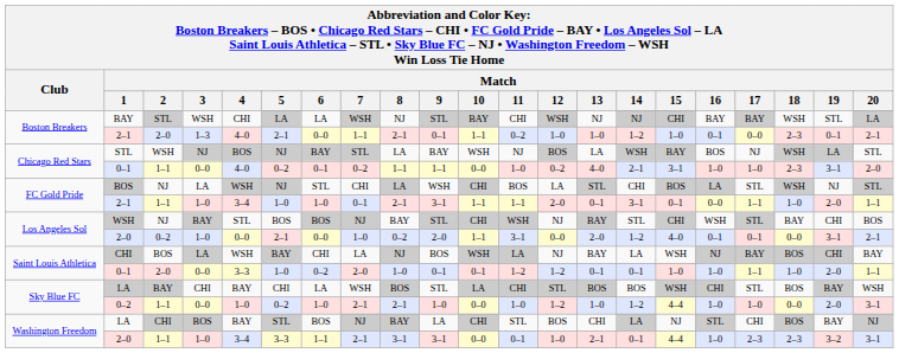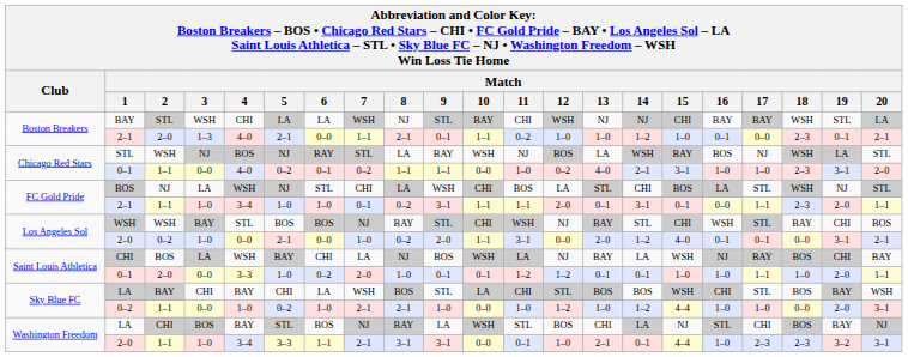 <table class="wikitable" style="text-align:center;width=90%">
 <tr>
 <th colspan="31">Abbreviation and Color Key:<br><a href='#'>Boston Breakers</a> – BOS • <a href='#'>Chicago Red Stars</a> – CHI • <a href='#'>FC Gold Pride</a> – BAY • <a href='#'>Los Angeles Sol</a> – LA<br><a href='#'>Saint Louis Athletica</a> – STL • <a href='#'>Sky Blue FC</a> – NJ • <a href='#'>Washington Freedom</a> – WSH<br><span>Win</span>  <span>Loss</span>  <span>Tie</span> <span>Home</span></th>
 </tr>
 <tr>
 <th style="width:10%;" rowspan="2">Club</th>
 <th style="width:80%;" colspan="30">Match</th>
 </tr>
 <tr style="background:#ccc; font-size:90%;">
 <th style="width:4%;">1</th>
 <th style="width:4%;">2</th>
 <th style="width:4%;">3</th>
 <th style="width:4%;">4</th>
 <th style="width:4%;">5</th>
 <th style="width:4%;">6</th>
 <th style="width:4%;">7</th>
 <th style="width:4%;">8</th>
 <th style="width:4%;">9</th>
 <th style="width:4%;">10</th>
 <th style="width:4%;">11</th>
 <th style="width:4%;">12</th>
 <th style="width:4%;">13</th>
 <th style="width:4%;">14</th>
 <th style="width:4%;">15</th>
 <th style="width:4%;">16</th>
 <th style="width:4%;">17</th>
 <th style="width:4%;">18</th>
 <th style="width:4%;">19</th>
 <th style="width:4%;">20<br></th>
 </tr>
 <tr style="font-size: 75%">
 <td rowspan="2"><a href='#'>Boston Breakers</a></td>
 <td>BAY</td>
 <td style="background:#CCC;">STL</td>
 <td>WSH</td>
 <td>CHI</td>
 <td style="background:#CCC;">LA</td>
 <td>LA</td>
 <td style="background:#CCC;">WSH</td>
 <td>NJ</td>
 <td style="background:#CCC;">STL</td>
 <td style="background:#CCC;">BAY</td>
 <td>CHI</td>
 <td style="background:#CCC;">WSH</td>
 <td>NJ</td>
 <td style="background:#CCC;">NJ</td>
 <td style="background:#CCC;">CHI</td>
 <td>BAY</td>
 <td style="background:#CCC;">BAY</td>
 <td>WSH</td>
 <td>STL</td>
 <td style="background:#CCC;">LA</td>
 </tr>
 <tr style="font-size: 75%">
 <td style="background:#ffdfdf;">2–1</td>
 <td style="background:#dfe7ff;">2–0</td>
 <td style="background:#dfe7ff;">1–3</td>
 <td style="background:#ffdfdf;">4–0</td>
 <td style="background:#dfe7ff;">2–1</td>
 <td style="background:#fffdd0;">0–0</td>
 <td style="background:#fffdd0;">1–1</td>
 <td style="background:#ffdfdf;">2–1</td>
 <td style="background:#ffdfdf;">0–1</td>
 <td style="background:#fffdd0;">1–1</td>
 <td style="background:#dfe7ff;">0–2</td>
 <td style="background:#dfe7ff;">1–0</td>
 <td style="background:#ffdfdf;">1–0</td>
 <td style="background:#ffdfdf;">1–2</td>
 <td style="background:#dfe7ff;">1–0</td>
 <td style="background:#dfe7ff;">0–1</td>
 <td style="background:#fffdd0;">0–0</td>
 <td style="background:#ffdfdf;">2–3</td>
 <td style="background:#ffdfdf;">0–1</td>
 <td style="background:#ffdfdf;">2–1</td>
 </tr>
 <tr style="font-size: 75%">
 <td rowspan="2"><a href='#'>Chicago Red Stars</a></td>
 <td>STL</td>
 <td>WSH</td>
 <td style="background:#CCC;">NJ</td>
 <td style="background:#CCC;">BOS</td>
 <td style="background:#CCC;">NJ</td>
 <td style="background:#CCC;">BAY</td>
 <td style="background:#CCC;">STL</td>
 <td>LA</td>
 <td>BAY</td>
 <td>WSH</td>
 <td>NJ</td>
 <td style="background:#CCC;">BOS</td>
 <td>LA</td>
 <td style="background:#CCC;">WSH</td>
 <td style="background:#CCC;">BAY</td>
 <td>BOS</td>
 <td>NJ</td>
 <td style="background:#CCC;">WSH</td>
 <td style="background:#CCC;">LA</td>
 <td>STL</td>
 </tr>
 <tr style="font-size: 75%">
 <td style="background:#dfe7ff;">0–1</td>
 <td style="background:#fffdd0;">1–1</td>
 <td style="background:#fffdd0;">0–0</td>
 <td style="background:#dfe7ff;">4–0</td>
 <td style="background:#ffdfdf;">0–2</td>
 <td style="background:#ffdfdf;">0–1</td>
 <td style="background:#ffdfdf;">0–2</td>
 <td style="background:#fffdd0;">1–1</td>
 <td style="background:#fffdd0;">1–1</td>
 <td style="background:#fffdd0;">0–0</td>
 <td style="background:#ffdfdf;">1–0</td>
 <td style="background:#ffdfdf;">0–2</td>
 <td style="background:#ffdfdf;">4–0</td>
 <td style="background:#dfe7ff;">2–1</td>
 <td style="background:#dfe7ff;">3–1</td>
 <td style="background:#ffdfdf;">1–0</td>
 <td style="background:#ffdfdf;">1–0</td>
 <td style="background:#ffdfdf;">2–3</td>
 <td style="background:#dfe7ff;">3–1</td>
 <td style="background:#ffdfdf;">2–0</td>
 </tr>
 <tr style="font-size: 75%">
 <td rowspan="2"><a href='#'>FC Gold Pride</a></td>
 <td style="background:#CCC;">BOS</td>
 <td>NJ</td>
 <td>LA</td>
 <td style="background:#CCC;">WSH</td>
 <td style="background:#CCC;">NJ</td>
 <td>STL</td>
 <td>CHI</td>
 <td style="background:#CCC;">LA</td>
 <td>WSH</td>
 <td style="background:#CCC;">CHI</td>
 <td>BOS</td>
 <td>LA</td>
 <td style="background:#CCC;">STL</td>
 <td>CHI</td>
 <td style="background:#CCC;">BOS</td>
 <td style="background:#CCC;">LA</td>
 <td>STL</td>
 <td style="background:#CCC;">WSH</td>
 <td>NJ</td>
 <td style="background:#CCC;">STL</td>
 </tr>
 <tr style="font-size: 75%">
 <td style="background:#dfe7ff;">2–1</td>
 <td style="background:#fffdd0;">1–1</td>
 <td style="background:#ffdfdf;">1–0</td>
 <td style="background:#ffdfdf;">3–4</td>
 <td style="background:#dfe7ff;">1–0</td>
 <td style="background:#ffdfdf;">1–0</td>
 <td style="background:#dfe7ff;">0–1</td>
-<td style="background:#ffdfdf;">2–1</td>
+<td style="background:#ffdfdf;">0–2</td>
 <td style="background:#ffdfdf;">3–1</td>
 <td style="background:#fffdd0;">1–1</td>
 <td style="background:#fffdd0;">1–1</td>
 <td style="background:#ffdfdf;">2–0</td>
 <td style="background:#ffdfdf;">0–1</td>
 <td style="background:#ffdfdf;">3–1</td>
 <td style="background:#ffdfdf;">0–1</td>
 <td style="background:#fffdd0;">0–0</td>
 <td style="background:#fffdd0;">1–1</td>
-<td style="background:#dfe7ff;">1–0</td>
+<td style="background:#dfe7ff;">2–3</td>
 <td style="background:#ffdfdf;">2–0</td>
 <td style="background:#fffdd0;">1–1</td>
 </tr>
 <tr style="font-size: 75%">
 <td rowspan="2"><a href='#'>Los Angeles Sol</a></td>
 <td style="background:#CCC;">WSH</td>
-<td>NJ</td>
+<td>WSH</td>
 <td style="background:#CCC;">BAY</td>
 <td>STL</td>
 <td>BOS</td>
 <td style="background:#CCC;">BOS</td>
 <td style="background:#CCC;">NJ</td>
 <td>BAY</td>
 <td style="background:#CCC;">STL</td>
 <td style="background:#CCC;">CHI</td>
 <td style="background:#CCC;">WSH</td>
 <td>NJ</td>
 <td style="background:#CCC;">BAY</td>
 <td>STL</td>
 <td style="background:#CCC;">CHI</td>
 <td>WSH</td>
 <td style="background:#CCC;">STL</td>
 <td>BAY</td>
 <td>CHI</td>
 <td>BOS</td>
 </tr>
 <tr style="font-size: 75%">
 <td style="background:#dfe7ff;">2–0</td>
 <td style="background:#dfe7ff;">0–2</td>
 <td style="background:#dfe7ff;">1–0</td>
 <td style="background:#fffdd0;">0–0</td>
 <td style="background:#ffdfdf;">2–1</td>
 <td style="background:#fffdd0;">0–0</td>
 <td style="background:#dfe7ff;">1–0</td>
 <td style="background:#dfe7ff;">0–2</td>
 <td style="background:#dfe7ff;">2–0</td>
 <td style="background:#fffdd0;">1–1</td>
 <td style="background:#dfe7ff;">3–1</td>
 <td style="background:#fffdd0;">0–0</td>
 <td style="background:#dfe7ff;">2–0</td>
 <td style="background:#dfe7ff;">1–2</td>
 <td style="background:#dfe7ff;">4–0</td>
 <td style="background:#dfe7ff;">0–1</td>
 <td style="background:#ffdfdf;">0–1</td>
 <td style="background:#fffdd0;">0–0</td>
 <td style="background:#ffdfdf;">3–1</td>
 <td style="background:#dfe7ff;">2–1</td>
 </tr>
 <tr style="font-size: 75%">
 <td rowspan="2"><a href='#'>Saint Louis Athletica</a></td>
 <td style="background:#CCC;">CHI</td>
 <td>BOS</td>
 <td style="background:#CCC;">LA</td>
 <td>WSH</td>
 <td style="background:#CCC;">BAY</td>
 <td>CHI</td>
 <td>LA</td>
 <td style="background:#CCC;">NJ</td>
 <td>BOS</td>
 <td style="background:#CCC;">WSH</td>
 <td style="background:#CCC;">LA</td>
 <td>NJ</td>
 <td>BAY</td>
 <td>LA</td>
 <td>WSH</td>
 <td style="background:#CCC;">NJ</td>
 <td style="background:#CCC;">BAY</td>
 <td style="background:#CCC;">BOS</td>
 <td style="background:#CCC;">CHI</td>
 <td>BAY</td>
 </tr>
 <tr style="font-size: 75%">
 <td style="background:#ffdfdf;">0–1</td>
 <td style="background:#ffdfdf;">2–0</td>
 <td style="background:#fffdd0;">0–0</td>
 <td style="background:#fffdd0;">3–3</td>
 <td style="background:#dfe7ff;">1–0</td>
 <td style="background:#dfe7ff;">0–2</td>
 <td style="background:#ffdfdf;">2–0</td>
 <td style="background:#dfe7ff;">1–0</td>
 <td style="background:#dfe7ff;">0–1</td>
 <td style="background:#ffdfdf;">0–1</td>
 <td style="background:#ffdfdf;">1–2</td>
 <td style="background:#dfe7ff;">1–2</td>
 <td style="background:#dfe7ff;">0–1</td>
 <td style="background:#dfe7ff;">0–1</td>
 <td style="background:#ffdfdf;">1–0</td>
 <td style="background:#dfe7ff;">1–0</td>
 <td style="background:#fffdd0;">1–1</td>
 <td style="background:#dfe7ff;">1–0</td>
 <td style="background:#dfe7ff;">2–0</td>
 <td style="background:#fffdd0;">1–1</td>
 </tr>
 <tr style="font-size: 75%">
 <td rowspan="2"><a href='#'>Sky Blue FC</a></td>
 <td style="background:#CCC;">LA</td>
 <td style="background:#CCC;">BAY</td>
 <td>CHI</td>
 <td>BAY</td>
 <td>CHI</td>
 <td>LA</td>
 <td>WSH</td>
 <td style="background:#CCC;">BOS</td>
 <td>STL</td>
 <td style="background:#CCC;">LA</td>
 <td style="background:#CCC;">CHI</td>
 <td style="background:#CCC;">STL</td>
 <td style="background:#CCC;">BOS</td>
 <td>BOS</td>
 <td style="background:#CCC;">WSH</td>
 <td style="background:#CCC;">CHI</td>
 <td>STL</td>
 <td>BOS</td>
 <td style="background:#CCC;">BAY</td>
 <td>WSH</td>
 </tr>
 <tr style="font-size: 75%">
 <td style="background:#ffdfdf;">0–2</td>
 <td style="background:#fffdd0;">1–1</td>
 <td style="background:#fffdd0;">0–0</td>
 <td style="background:#ffdfdf;">1–0</td>
 <td style="background:#dfe7ff;">0–2</td>
 <td style="background:#ffdfdf;">1–0</td>
 <td style="background:#ffdfdf;">2–1</td>
 <td style="background:#dfe7ff;">2–1</td>
 <td style="background:#ffdfdf;">1–0</td>
 <td style="background:#fffdd0;">0–0</td>
 <td style="background:#dfe7ff;">1–0</td>
 <td style="background:#ffdfdf;">1–2</td>
 <td style="background:#dfe7ff;">1–0</td>
 <td style="background:#dfe7ff;">1–2</td>
 <td style="background:#fffdd0;">4–4</td>
 <td style="background:#dfe7ff;">1–0</td>
 <td style="background:#ffdfdf;">1–0</td>
 <td style="background:#fffdd0;">0–0</td>
 <td style="background:#dfe7ff;">2–0</td>
 <td style="background:#ffdfdf;">3–1</td>
 </tr>
 <tr style="font-size: 75%">
 <td rowspan="2"><a href='#'>Washington Freedom</a></td>
 <td>LA</td>
 <td style="background:#CCC;">CHI</td>
 <td style="background:#CCC;">BOS</td>
 <td>BAY</td>
 <td style="background:#CCC;">STL</td>
 <td>BOS</td>
 <td style="background:#CCC;">NJ</td>
 <td style="background:#CCC;">BAY</td>
 <td>LA</td>
-<td style="background:#CCC;">CHI</td>
+<td style="background:#CCC;">WSH</td>
 <td>STL</td>
 <td>BOS</td>
 <td>CHI</td>
 <td style="background:#CCC;">LA</td>
 <td>NJ</td>
 <td style="background:#CCC;">STL</td>
 <td>CHI</td>
 <td style="background:#CCC;">BOS</td>
 <td>BAY</td>
 <td style="background:#CCC;">NJ</td>
 </tr>
 <tr style="font-size: 75%">
 <td style="background:#ffdfdf;">2–0</td>
 <td style="background:#fffdd0;">1–1</td>
 <td style="background:#ffdfdf;">1–0</td>
 <td style="background:#dfe7ff;">3–4</td>
 <td style="background:#fffdd0;">3–3</td>
 <td style="background:#fffdd0;">1–1</td>
 <td style="background:#dfe7ff;">2–1</td>
 <td style="background:#dfe7ff;">3–1</td>
 <td style="background:#ffdfdf;">3–1</td>
 <td style="background:#fffdd0;">0–0</td>
 <td style="background:#dfe7ff;">0–1</td>
 <td style="background:#ffdfdf;">1–0</td>
 <td style="background:#ffdfdf;">2–1</td>
 <td style="background:#ffdfdf;">0–1</td>
 <td style="background:#fffdd0;">4–4</td>
 <td style="background:#dfe7ff;">1–0</td>
 <td style="background:#dfe7ff;">2–3</td>
 <td style="background:#dfe7ff;">2–3</td>
 <td style="background:#ffdfdf;">3–2</td>
 <td style="background:#dfe7ff;">3–1</td>
 </tr>
 </table>
